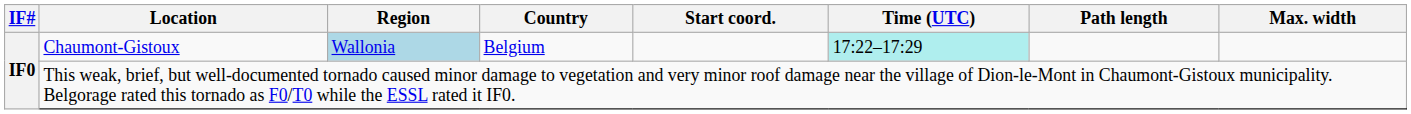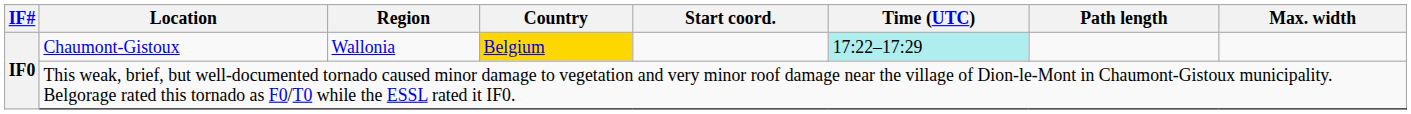 <table class="wikitable sortable" style="width:100%;">
 <tr>
 <th scope="col" width="2%" align="center"><a href='#'>IF#</a></th>
 <th scope="col" align="center" class="unsortable">Location</th>
 <th scope="col" align="center" class="unsortable">Region</th>
 <th scope="col" align="center">Country</th>
 <th scope="col" align="center">Start coord.</th>
 <th scope="col" align="center">Time (<a href='#'>UTC</a>)</th>
 <th scope="col" align="center">Path length</th>
 <th scope="col" align="center">Max. width</th>
 </tr>
 <tr>
 <th scope="row" rowspan="2" style="background-color:#">IF0</th>
 <td><a href='#'>Chaumont-Gistoux</a></td>
-<td style="background: lightblue;"><a href='#'>Wallonia</a></td>
-<td><a href='#'>Belgium</a></td>
+<td><a href='#'>Wallonia</a></td>
+<td style="background: gold;"><a href='#'>Belgium</a></td>
 <td></td>
 <td style="background: paleturquoise;">17:22–17:29</td>
 <td></td>
 <td></td>
 </tr>
 <tr class="expand-child">
 <td colspan="8" style=" border-bottom: 1px solid black;">This weak, brief, but well-documented tornado caused minor damage to vegetation and very minor roof damage near the village of Dion-le-Mont in Chaumont-Gistoux municipality. Belgorage rated this tornado as <a href='#'>F0</a>/<a href='#'>T0</a> while the <a href='#'>ESSL</a> rated it IF0.</td>
 </tr>
 </table>
